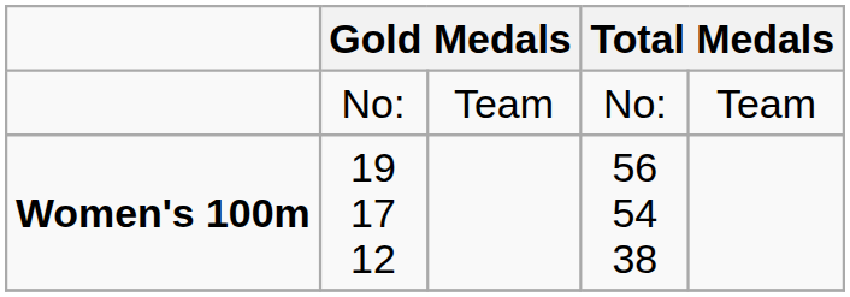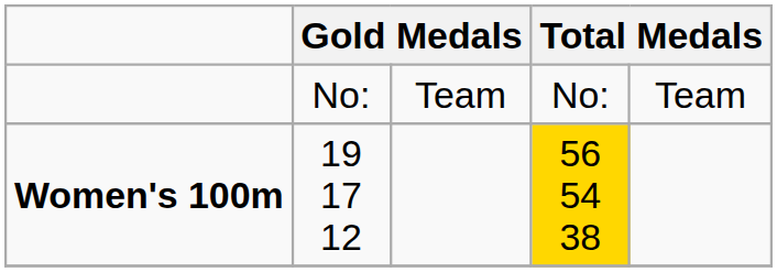 <table class="wikitable" style="text-align: center; font-size:95%;">
 <tr>
 <td></td>
 <th colspan=2>Gold Medals</th>
 <th colspan=2>Total Medals</th>
 </tr>
 <tr>
 <td></td>
 <td>No:</td>
 <td>Team</td>
 <td>No:</td>
 <td>Team</td>
 </tr>
 <tr>
 </tr>
 <tr>
 <td><strong>Women's 100m</strong></td>
 <td>19 <br> 17 <br> 12</td>
 <td align="left"> <br>  <br> </td>
-<td>56 <br> 54 <br> 38</td>
+<td style="background: gold;">56 <br> 54 <br> 38</td>
 <td align="left"> <br>  <br> </td>
 </tr>
 <tr>
 </tr>
 </table>
